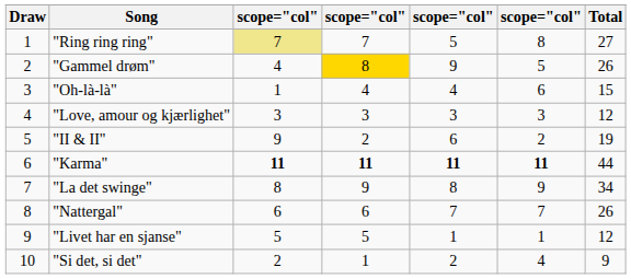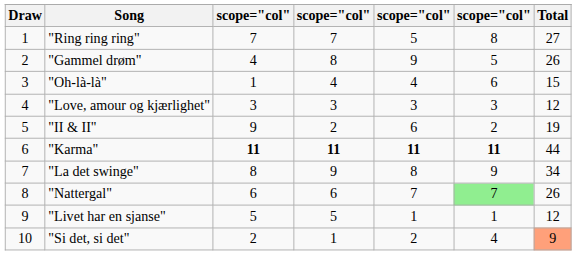 <table class="wikitable plainrowheaders" style="margin: 1em auto 1em auto; text-align:center;">
 <tr>
 </tr>
 <tr>
 <th scope="col">Draw</th>
 <th scope="col">Song</th>
 <th>scope="col" </th>
 <th>scope="col" </th>
 <th>scope="col" </th>
 <th>scope="col" </th>
 <th scope="col">Total</th>
 </tr>
 <tr>
 <td>1</td>
 <td align="left">"Ring ring ring"</td>
-<td style="background: khaki;">7</td>
+<td>7</td>
 <td>7</td>
 <td>5</td>
 <td>8</td>
 <td>27</td>
 </tr>
 <tr>
 <td>2</td>
 <td align="left">"Gammel drøm"</td>
 <td>4</td>
-<td style="background: gold;">8</td>
+<td>8</td>
 <td>9</td>
 <td>5</td>
 <td>26</td>
 </tr>
 <tr>
 <td>3</td>
 <td align="left">"Oh-là-là"</td>
 <td>1</td>
 <td>4</td>
 <td>4</td>
 <td>6</td>
 <td>15</td>
 </tr>
 <tr>
 <td>4</td>
 <td align="left">"Love, amour og kjærlighet"</td>
 <td>3</td>
 <td>3</td>
 <td>3</td>
 <td>3</td>
 <td>12</td>
 </tr>
 <tr>
 <td>5</td>
 <td align="left">"II & II"</td>
 <td>9</td>
 <td>2</td>
 <td>6</td>
 <td>2</td>
 <td>19</td>
 </tr>
 <tr>
 <td>6</td>
 <td align="left">"Karma"</td>
 <td><strong>11</strong></td>
 <td><strong>11</strong></td>
 <td><strong>11</strong></td>
 <td><strong>11</strong></td>
 <td>44</td>
 </tr>
 <tr>
 <td>7</td>
 <td align="left">"La det swinge"</td>
 <td>8</td>
 <td>9</td>
 <td>8</td>
 <td>9</td>
 <td>34</td>
 </tr>
 <tr>
 <td>8</td>
 <td align="left">"Nattergal"</td>
 <td>6</td>
 <td>6</td>
 <td>7</td>
-<td>7</td>
+<td style="background: lightgreen;">7</td>
 <td>26</td>
 </tr>
 <tr>
 <td>9</td>
 <td align="left">"Livet har en sjanse"</td>
 <td>5</td>
 <td>5</td>
 <td>1</td>
 <td>1</td>
 <td>12</td>
 </tr>
 <tr>
 <td>10</td>
 <td align="left">"Si det, si det"</td>
 <td>2</td>
 <td>1</td>
 <td>2</td>
 <td>4</td>
-<td>9</td>
+<td style="background: lightsalmon;">9</td>
 </tr>
 </table>
